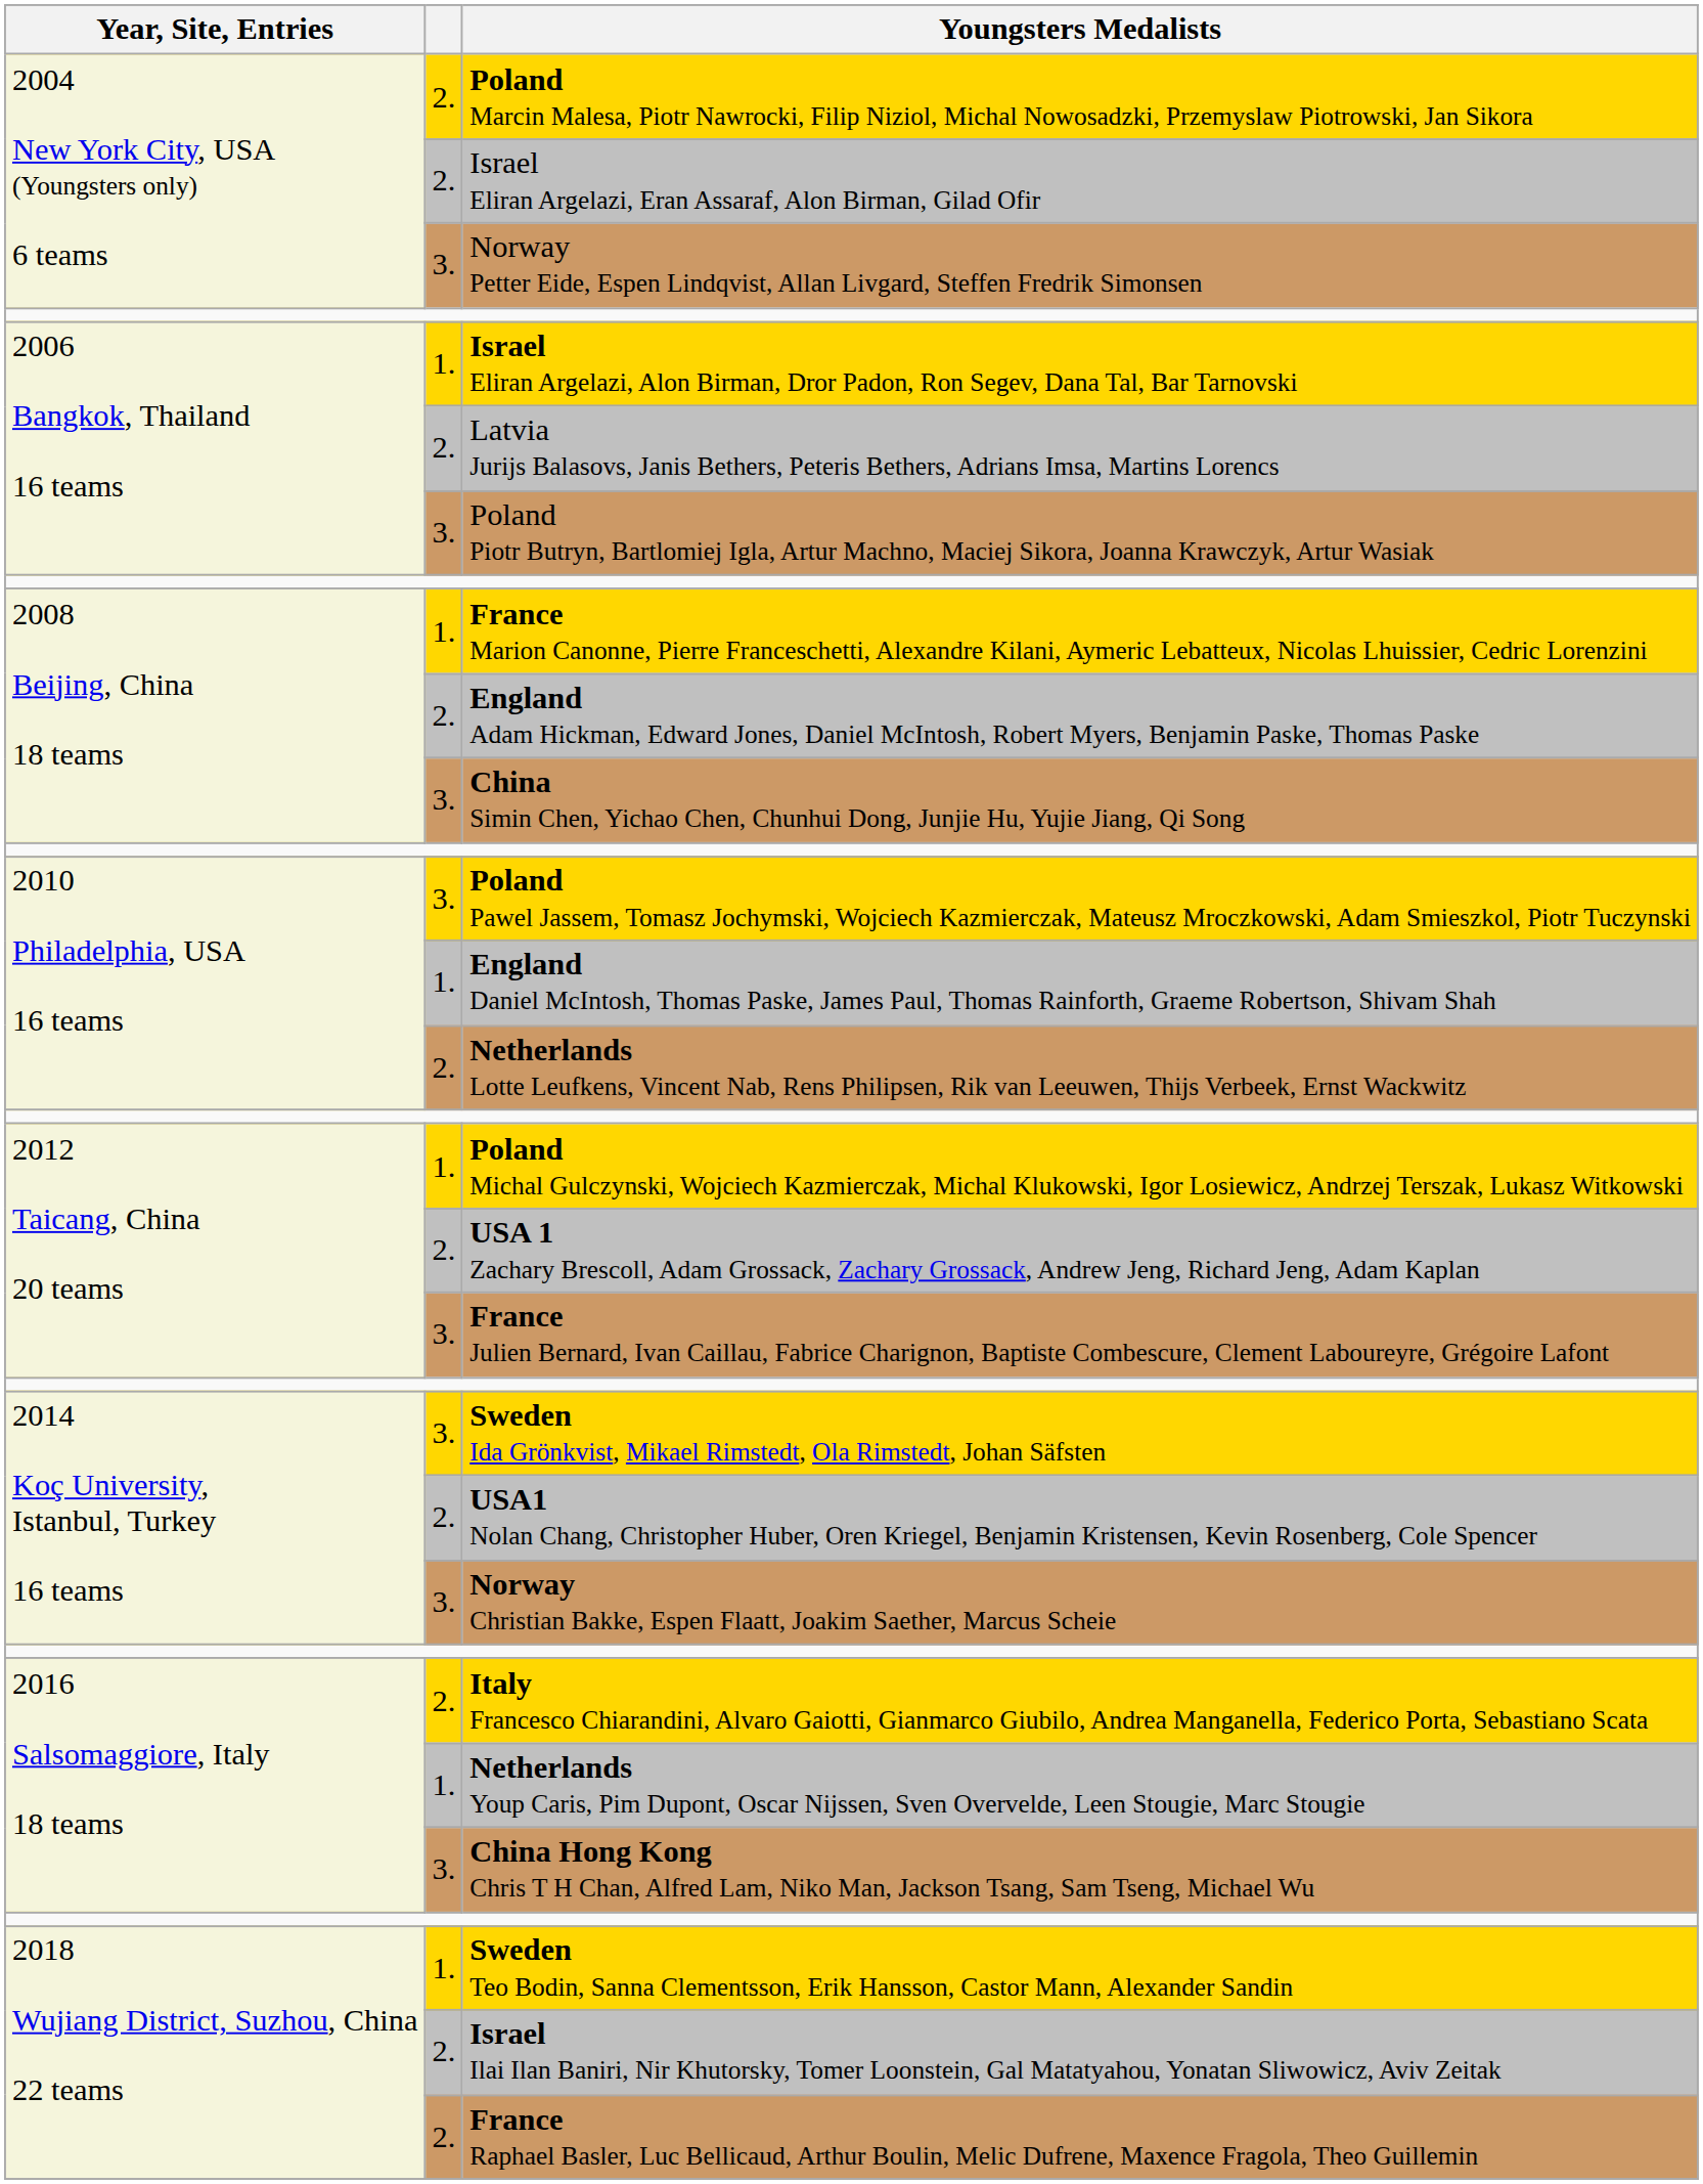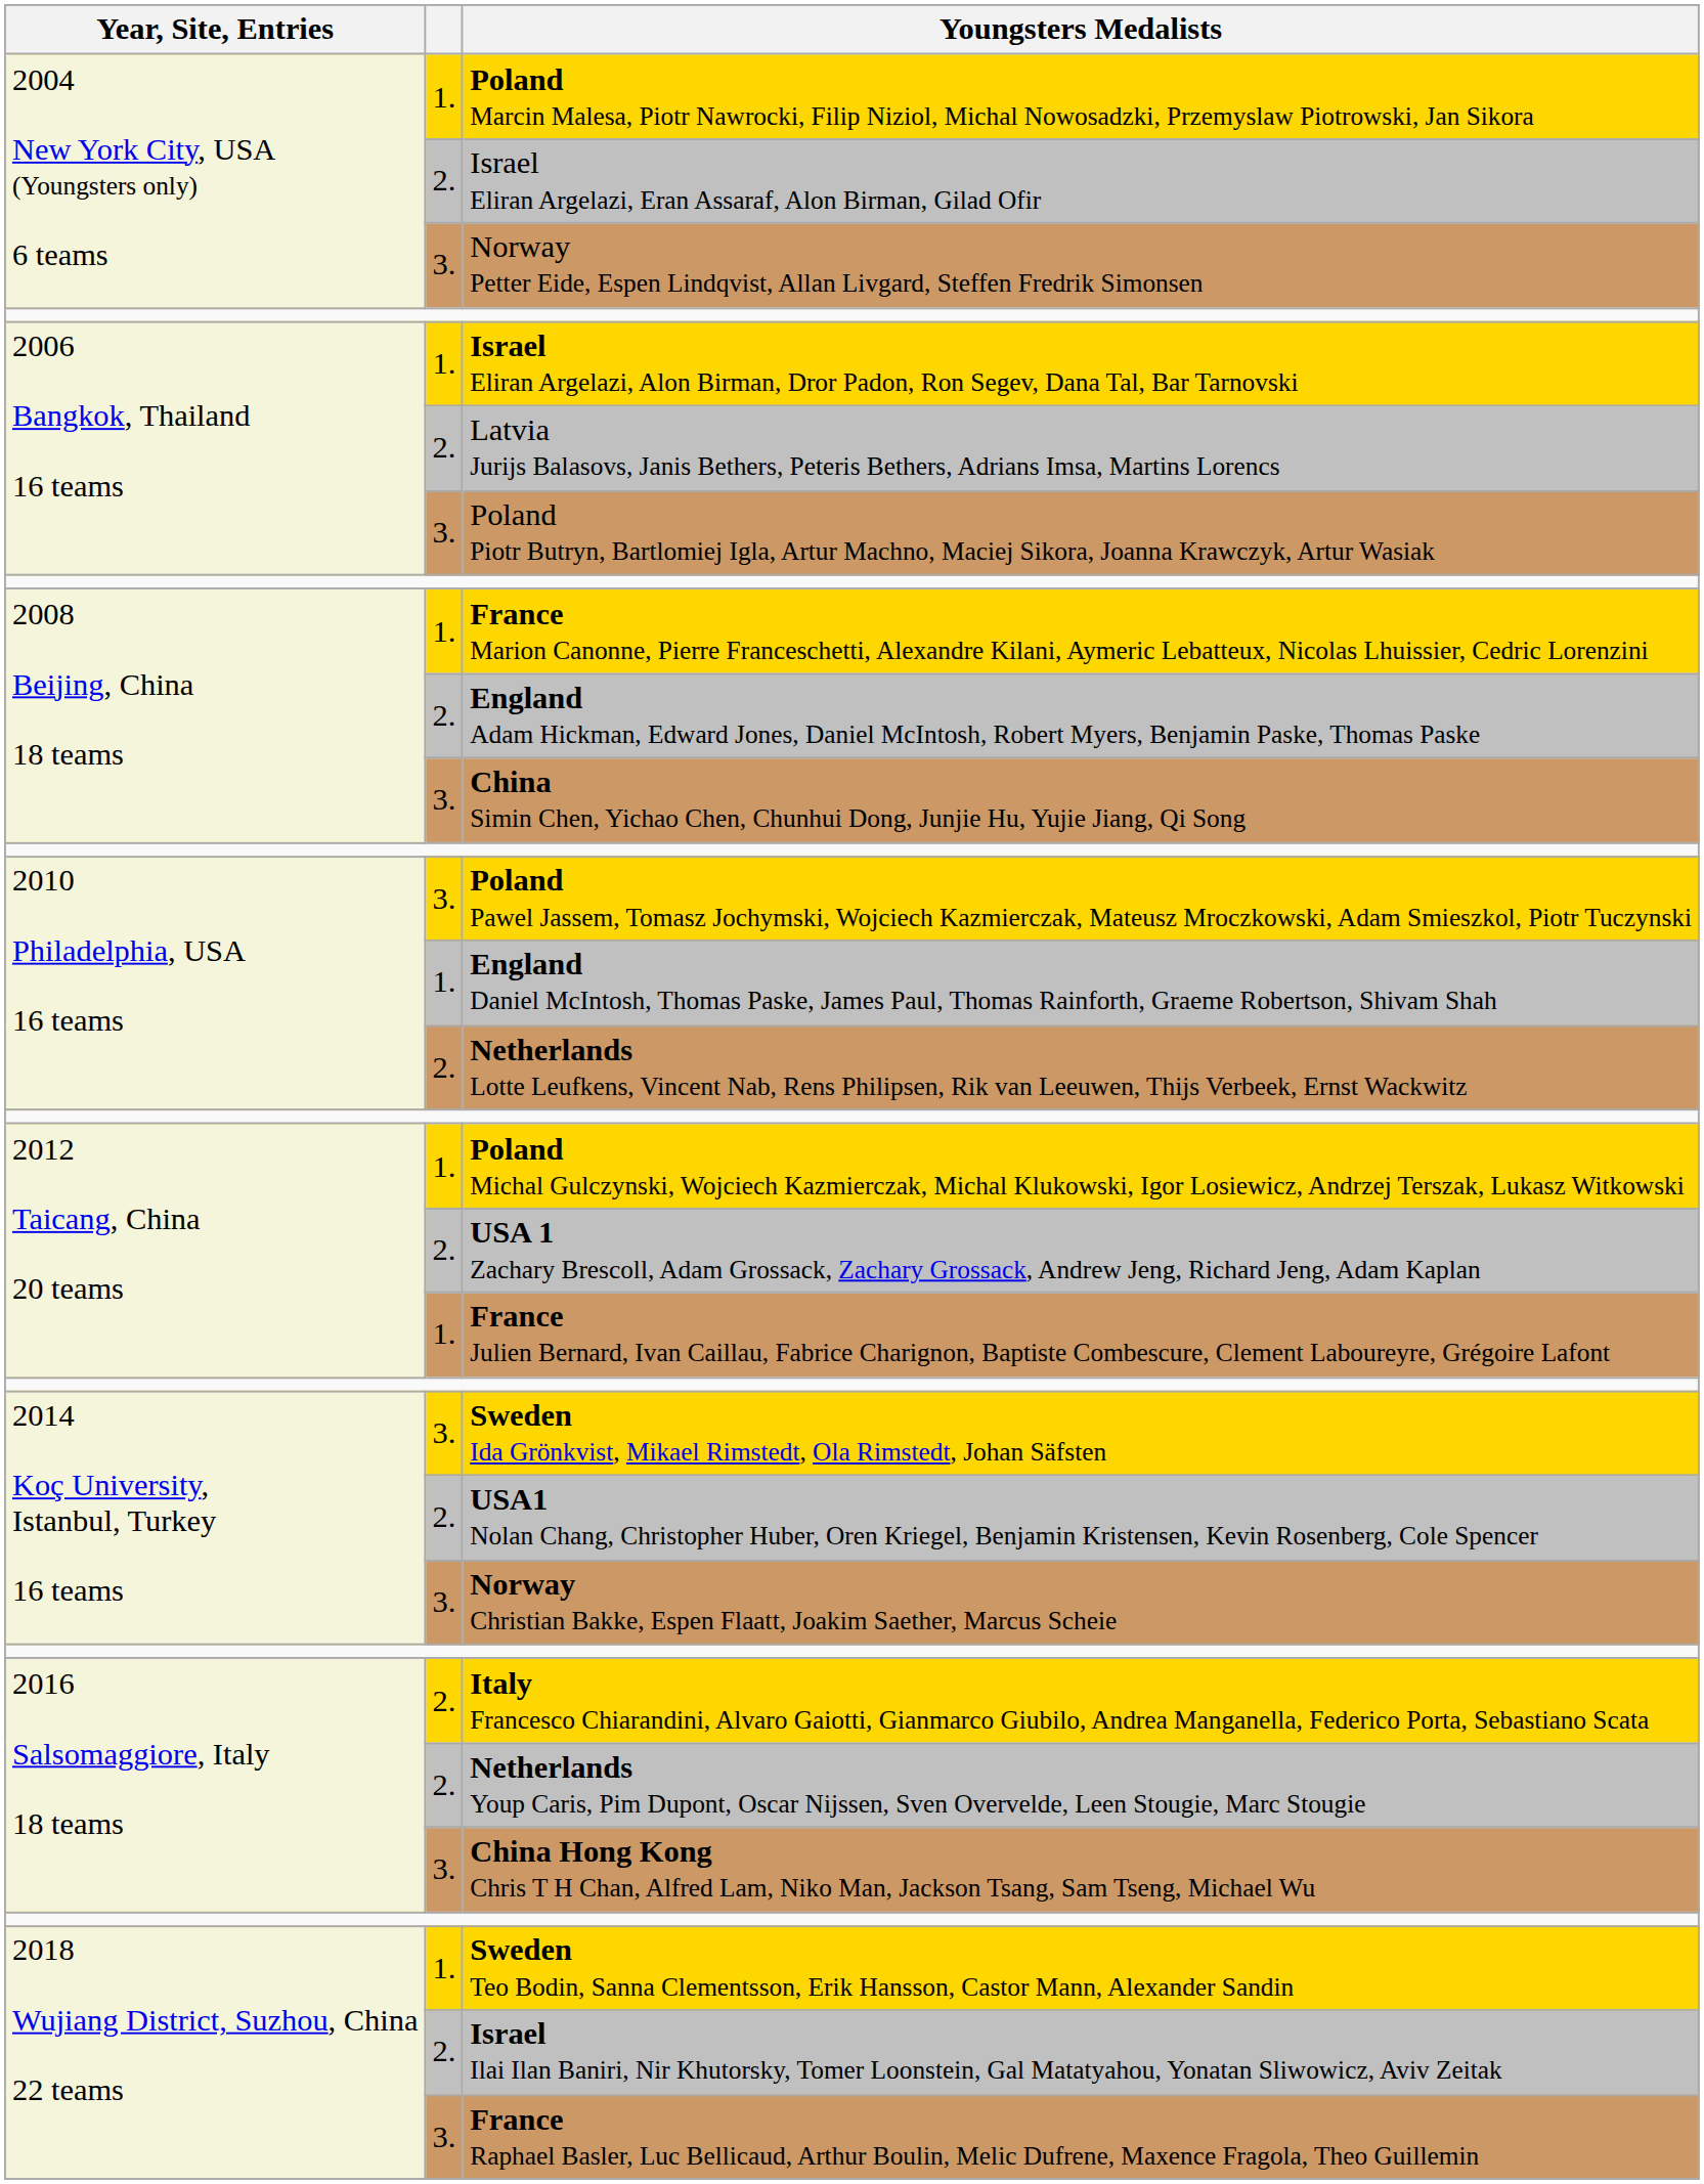 <table class=wikitable>
 <tr>
 <th>Year, Site, Entries</th>
 <th></th>
 <th>Youngsters Medalists</th>
 </tr>
 <tr bgcolor="gold">
 <td rowspan=3 bgcolor="beige" valign="Top">2004 <br><br><a href='#'>New York City</a>, USA   <br><small>(Youngsters only)</small> <br> <br>6 teams</td>
-<td>2.</td>
+<td>1.</td>
 <td> <strong>Poland</strong> <br><small>Marcin Malesa, Piotr Nawrocki, Filip Niziol, Michal Nowosadzki, Przemyslaw Piotrowski, Jan Sikora</small></td>
 </tr>
 <tr bgcolor="silver">
 <td>2.</td>
 <td> Israel <br><small>Eliran Argelazi, Eran Assaraf, Alon Birman, Gilad Ofir</small></td>
 </tr>
 <tr bgcolor="cc9966">
 <td>3.</td>
 <td> Norway <br><small>Petter Eide, Espen Lindqvist, Allan Livgard, Steffen Fredrik Simonsen</small></td>
 </tr>
 <tr>
 <td colspan=3></td>
 </tr>
 <tr bgcolor="gold">
 <td rowspan=3 bgcolor="beige" valign="Top">2006 <br><br><a href='#'>Bangkok</a>, Thailand <br> <br>16 teams</td>
 <td>1.</td>
 <td> <strong>Israel</strong><br><small>Eliran Argelazi, Alon Birman, Dror Padon, Ron Segev, Dana Tal, Bar Tarnovski</small></td>
 </tr>
 <tr bgcolor="silver">
 <td>2.</td>
 <td> Latvia<br><small>Jurijs Balasovs, Janis Bethers, Peteris Bethers, Adrians Imsa, Martins Lorencs</small></td>
 </tr>
 <tr bgcolor="cc9966">
 <td>3.</td>
 <td> Poland<br><small>Piotr Butryn, Bartlomiej Igla, Artur Machno, Maciej Sikora, Joanna Krawczyk, Artur Wasiak</small></td>
 </tr>
 <tr>
 <td colspan=3></td>
 </tr>
 <tr bgcolor="gold">
 <td rowspan=3 bgcolor="beige" valign="Top">2008 <br><br><a href='#'>Beijing</a>, China <br> <br>18 teams</td>
 <td>1.</td>
 <td> <strong>France</strong> <br><small>Marion Canonne, Pierre Franceschetti, Alexandre Kilani, Aymeric Lebatteux, Nicolas Lhuissier, Cedric Lorenzini</small></td>
 </tr>
 <tr bgcolor="silver">
 <td>2.</td>
 <td> <strong>England</strong> <br><small>Adam Hickman, Edward Jones, Daniel McIntosh, Robert Myers, Benjamin Paske, Thomas Paske</small></td>
 </tr>
 <tr bgcolor="cc9966">
 <td>3.</td>
 <td> <strong>China</strong> <br><small>Simin Chen, Yichao Chen, Chunhui Dong, Junjie Hu, Yujie Jiang, Qi Song</small></td>
 </tr>
 <tr>
 <td colspan=3></td>
 </tr>
 <tr bgcolor="gold">
 <td rowspan=3 bgcolor="beige" valign="Top">2010 <br><br><a href='#'>Philadelphia</a>, USA <br> <br>16 teams</td>
 <td>3.</td>
 <td> <strong>Poland</strong> <br><small>Pawel Jassem, Tomasz Jochymski, Wojciech Kazmierczak, Mateusz Mroczkowski, Adam Smieszkol, Piotr Tuczynski</small></td>
 </tr>
 <tr bgcolor="silver">
 <td>1.</td>
 <td> <strong>England</strong> <br><small>Daniel McIntosh, Thomas Paske, James Paul, Thomas Rainforth, Graeme Robertson, Shivam Shah</small></td>
 </tr>
 <tr bgcolor="cc9966">
 <td>2.</td>
 <td> <strong>Netherlands</strong> <br><small>Lotte Leufkens, Vincent Nab, Rens Philipsen, Rik van Leeuwen, Thijs Verbeek, Ernst Wackwitz</small></td>
 </tr>
 <tr>
 <td colspan=3></td>
 </tr>
 <tr bgcolor="gold">
 <td rowspan=3 bgcolor="beige" valign="Top">2012 <br><br><a href='#'>Taicang</a>, China <br> <br>20 teams</td>
 <td>1.</td>
 <td> <strong>Poland</strong> <br><small>Michal Gulczynski, Wojciech Kazmierczak, Michal Klukowski, Igor Losiewicz, Andrzej Terszak, Lukasz Witkowski</small></td>
 </tr>
 <tr bgcolor="silver">
 <td>2.</td>
 <td> <strong>USA 1</strong> <br><small>Zachary Brescoll, Adam Grossack, <a href='#'>Zachary Grossack</a>, Andrew Jeng, Richard Jeng, Adam Kaplan</small></td>
 </tr>
 <tr bgcolor="cc9966">
-<td>3.</td>
+<td>1.</td>
 <td> <strong>France</strong> <br><small>Julien Bernard, Ivan Caillau, Fabrice Charignon, Baptiste Combescure, Clement Laboureyre, Grégoire Lafont</small></td>
 </tr>
 <tr>
 <td colspan=3></td>
 </tr>
 <tr bgcolor="gold">
 <td rowspan=3 bgcolor="beige" valign="Top">2014 <br><br><a href='#'>Koç University</a>, <br>Istanbul, Turkey <br> <br>16 teams</td>
 <td>3.</td>
 <td> <strong>Sweden</strong> <br><small><a href='#'>Ida Grönkvist</a>, <a href='#'>Mikael Rimstedt</a>, <a href='#'>Ola Rimstedt</a>, Johan Säfsten</small> </td>
 </tr>
 <tr bgcolor="silver">
 <td>2.</td>
 <td> <strong>USA1</strong> <br><small>Nolan Chang, Christopher Huber, Oren Kriegel, Benjamin Kristensen, Kevin Rosenberg, Cole Spencer</small></td>
 </tr>
 <tr bgcolor="cc9966">
 <td>3.</td>
 <td> <strong>Norway</strong> <br><small>Christian Bakke, Espen Flaatt, Joakim Saether, Marcus Scheie</small> </td>
 </tr>
 <tr>
 <td colspan=3></td>
 </tr>
 <tr bgcolor="gold">
 <td rowspan=3 bgcolor="beige" valign="Top">2016 <br><br><a href='#'>Salsomaggiore</a>, Italy<br><br>18 teams</td>
 <td>2.</td>
 <td> <strong>Italy</strong> <br><small>Francesco Chiarandini, Alvaro Gaiotti, Gianmarco Giubilo, Andrea Manganella, Federico Porta, Sebastiano Scata</small></td>
 </tr>
 <tr bgcolor="silver">
-<td>1.</td>
+<td>2.</td>
 <td> <strong>Netherlands</strong> <br><small>Youp Caris, Pim Dupont, Oscar Nijssen, Sven Overvelde, Leen Stougie, Marc Stougie</small></td>
 </tr>
 <tr bgcolor="cc9966">
 <td>3.</td>
 <td> <strong>China Hong Kong</strong> <br><small>Chris T H Chan, Alfred Lam, Niko Man, Jackson Tsang, Sam Tseng, Michael Wu</small></td>
 </tr>
 <tr>
 <td colspan=3></td>
 </tr>
 <tr bgcolor="gold">
 <td rowspan=3 bgcolor="beige" valign="Top">2018 <br><br><a href='#'>Wujiang District, Suzhou</a>, China <br> <br>22 teams</td>
 <td>1.</td>
 <td> <strong>Sweden</strong> <br><small>Teo Bodin, Sanna Clementsson, Erik Hansson, Castor Mann, Alexander Sandin</small></td>
 </tr>
 <tr bgcolor="silver">
 <td>2.</td>
 <td> <strong>Israel</strong> <br><small>Ilai Ilan Baniri, Nir Khutorsky, Tomer Loonstein, Gal Matatyahou, Yonatan Sliwowicz, Aviv Zeitak</small></td>
 </tr>
 <tr bgcolor="cc9966">
-<td>2.</td>
+<td>3.</td>
 <td> <strong>France</strong> <br><small>Raphael Basler, Luc Bellicaud, Arthur Boulin, Melic Dufrene, Maxence Fragola, Theo Guillemin</small></td>
 </tr>
 <tr>
 </tr>
 </table>
